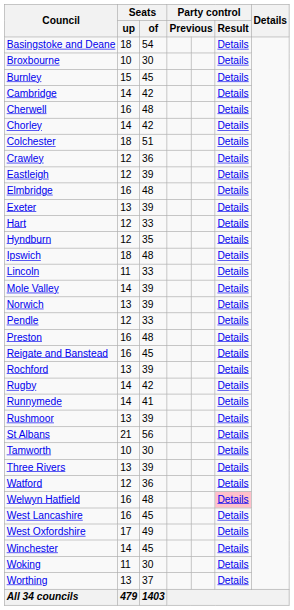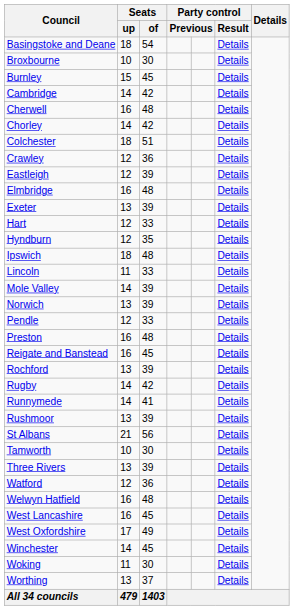 <table class="wikitable sortable">
 <tr>
 <th rowspan="2">Council</th>
 <th colspan="2">Seats</th>
 <th colspan="4">Party control</th>
 <th rowspan="2">Details</th>
 </tr>
 <tr>
 <th>up</th>
 <th>of</th>
 <th colspan="2">Previous</th>
 <th colspan="2">Result</th>
 </tr>
 <tr>
 <td><a href='#'>Basingstoke and Deane</a></td>
 <td>18</td>
 <td>54</td>
 <td></td>
 <td></td>
 <td><a href='#'>Details</a></td>
 </tr>
 <tr>
 <td><a href='#'>Broxbourne</a></td>
 <td>10</td>
 <td>30</td>
 <td></td>
 <td></td>
 <td><a href='#'>Details</a></td>
 </tr>
 <tr>
 <td><a href='#'>Burnley</a></td>
 <td>15</td>
 <td>45</td>
 <td></td>
 <td></td>
 <td><a href='#'>Details</a></td>
 </tr>
 <tr>
 <td><a href='#'>Cambridge</a></td>
 <td>14</td>
 <td>42</td>
 <td></td>
 <td></td>
 <td><a href='#'>Details</a></td>
 </tr>
 <tr>
 <td><a href='#'>Cherwell</a></td>
 <td>16</td>
 <td>48</td>
 <td></td>
 <td></td>
 <td><a href='#'>Details</a></td>
 </tr>
 <tr>
 <td><a href='#'>Chorley</a></td>
 <td>14</td>
 <td>42</td>
 <td></td>
 <td></td>
 <td><a href='#'>Details</a></td>
 </tr>
 <tr>
 <td><a href='#'>Colchester</a></td>
 <td>18</td>
 <td>51</td>
 <td></td>
 <td></td>
 <td><a href='#'>Details</a></td>
 </tr>
 <tr>
 <td><a href='#'>Crawley</a></td>
 <td>12</td>
 <td>36</td>
 <td></td>
 <td></td>
 <td><a href='#'>Details</a></td>
 </tr>
 <tr>
 <td><a href='#'>Eastleigh</a></td>
 <td>12</td>
 <td>39</td>
 <td></td>
 <td></td>
 <td><a href='#'>Details</a></td>
 </tr>
 <tr>
 <td><a href='#'>Elmbridge</a></td>
 <td>16</td>
 <td>48</td>
 <td></td>
 <td></td>
 <td><a href='#'>Details</a></td>
 </tr>
 <tr>
 <td><a href='#'>Exeter</a></td>
 <td>13</td>
 <td>39</td>
 <td></td>
 <td></td>
 <td><a href='#'>Details</a></td>
 </tr>
 <tr>
 <td><a href='#'>Hart</a></td>
 <td>12</td>
 <td>33</td>
 <td></td>
 <td></td>
 <td><a href='#'>Details</a></td>
 </tr>
 <tr>
 <td><a href='#'>Hyndburn</a></td>
 <td>12</td>
 <td>35</td>
 <td></td>
 <td></td>
 <td><a href='#'>Details</a></td>
 </tr>
 <tr>
 <td><a href='#'>Ipswich</a></td>
 <td>18</td>
 <td>48</td>
 <td></td>
 <td></td>
 <td><a href='#'>Details</a></td>
 </tr>
 <tr>
 <td><a href='#'>Lincoln</a></td>
 <td>11</td>
 <td>33</td>
 <td></td>
 <td></td>
 <td><a href='#'>Details</a></td>
 </tr>
 <tr>
 <td><a href='#'>Mole Valley</a></td>
 <td>14</td>
 <td>39</td>
 <td></td>
 <td></td>
 <td><a href='#'>Details</a></td>
 </tr>
 <tr>
 <td><a href='#'>Norwich</a></td>
 <td>13</td>
 <td>39</td>
 <td></td>
 <td></td>
 <td><a href='#'>Details</a></td>
 </tr>
 <tr>
 <td><a href='#'>Pendle</a></td>
 <td>12</td>
 <td>33</td>
 <td></td>
 <td></td>
 <td><a href='#'>Details</a></td>
 </tr>
 <tr>
 <td><a href='#'>Preston</a></td>
 <td>16</td>
 <td>48</td>
 <td></td>
 <td></td>
 <td><a href='#'>Details</a></td>
 </tr>
 <tr>
 <td><a href='#'>Reigate and Banstead</a></td>
 <td>16</td>
 <td>45</td>
 <td></td>
 <td></td>
 <td><a href='#'>Details</a></td>
 </tr>
 <tr>
 <td><a href='#'>Rochford</a></td>
 <td>13</td>
 <td>39</td>
 <td></td>
 <td></td>
 <td><a href='#'>Details</a></td>
 </tr>
 <tr>
 <td><a href='#'>Rugby</a></td>
 <td>14</td>
 <td>42</td>
 <td></td>
 <td></td>
 <td><a href='#'>Details</a></td>
 </tr>
 <tr>
 <td><a href='#'>Runnymede</a></td>
 <td>14</td>
 <td>41</td>
 <td></td>
 <td></td>
 <td><a href='#'>Details</a></td>
 </tr>
 <tr>
 <td><a href='#'>Rushmoor</a></td>
 <td>13</td>
 <td>39</td>
 <td></td>
 <td></td>
 <td><a href='#'>Details</a></td>
 </tr>
 <tr>
 <td><a href='#'>St Albans</a></td>
 <td>21</td>
 <td>56</td>
 <td></td>
 <td></td>
 <td><a href='#'>Details</a></td>
 </tr>
 <tr>
 <td><a href='#'>Tamworth</a></td>
 <td>10</td>
 <td>30</td>
 <td></td>
 <td></td>
 <td><a href='#'>Details</a></td>
 </tr>
 <tr>
 <td><a href='#'>Three Rivers</a></td>
 <td>13</td>
 <td>39</td>
 <td></td>
 <td></td>
 <td><a href='#'>Details</a></td>
 </tr>
 <tr>
 <td><a href='#'>Watford</a></td>
 <td>12</td>
 <td>36</td>
 <td></td>
 <td></td>
 <td><a href='#'>Details</a></td>
 </tr>
 <tr>
 <td><a href='#'>Welwyn Hatfield</a></td>
 <td>16</td>
 <td>48</td>
 <td></td>
 <td></td>
-<td style="background: pink;"><a href='#'>Details</a></td>
+<td><a href='#'>Details</a></td>
 </tr>
 <tr>
 <td><a href='#'>West Lancashire</a></td>
 <td>16</td>
 <td>45</td>
 <td></td>
 <td></td>
 <td><a href='#'>Details</a></td>
 </tr>
 <tr>
 <td><a href='#'>West Oxfordshire</a></td>
 <td>17</td>
 <td>49</td>
 <td></td>
 <td></td>
 <td><a href='#'>Details</a></td>
 </tr>
 <tr>
 <td><a href='#'>Winchester</a></td>
 <td>14</td>
 <td>45</td>
 <td></td>
 <td></td>
 <td><a href='#'>Details</a></td>
 </tr>
 <tr>
 <td><a href='#'>Woking</a></td>
 <td>11</td>
 <td>30</td>
 <td></td>
 <td></td>
 <td><a href='#'>Details</a></td>
 </tr>
 <tr>
 <td><a href='#'>Worthing</a></td>
 <td>13</td>
 <td>37</td>
 <td></td>
 <td></td>
 <td><a href='#'>Details</a></td>
 </tr>
 <tr class="sortbottom">
 <th style="text-align:left;"><em>All 34 councils</em></th>
 <th><em>479</em></th>
 <th><em>1403</em></th>
 <th colspan="5"></th>
 </tr>
 </table>
